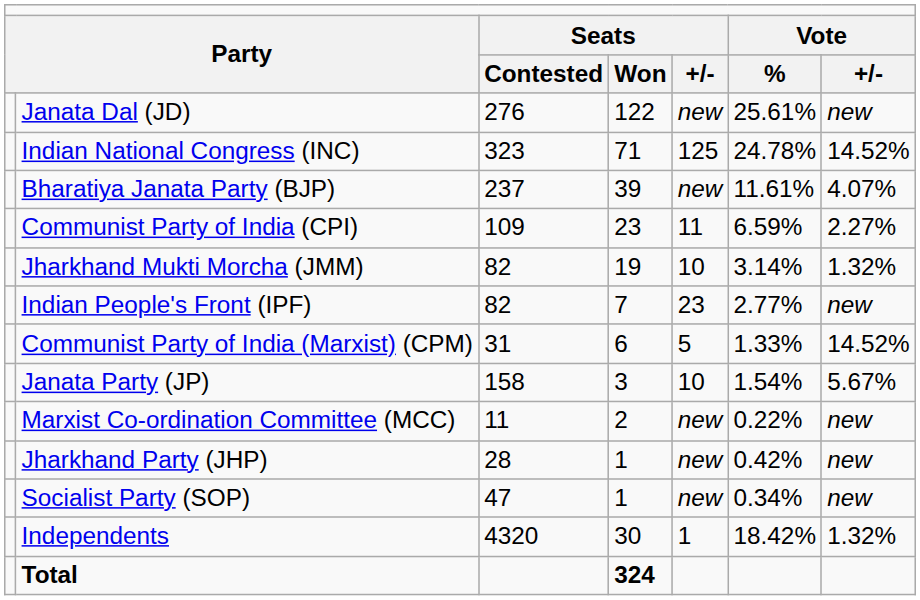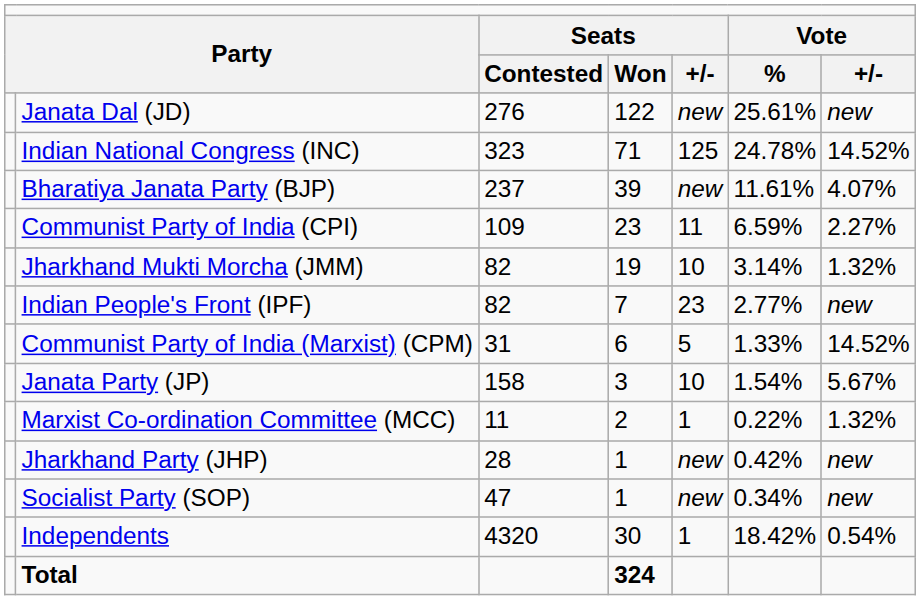 <table class="wikitable">
 <tr>
 <td colspan="7"></td>
 </tr>
 <tr>
 <th colspan="2" rowspan="2">Party</th>
 <th colspan="3">Seats</th>
 <th colspan="2">Vote</th>
 </tr>
 <tr>
 <th>Contested</th>
 <th>Won</th>
 <th>+/-</th>
 <th>%</th>
 <th>+/-</th>
 </tr>
 <tr>
 <td style="background-color:"></td>
 <td><a href='#'>Janata Dal</a> (JD)</td>
 <td>276</td>
 <td>122</td>
 <td><em>new</em></td>
 <td>25.61%</td>
 <td><em>new</em></td>
 </tr>
 <tr>
 <td style="background-color:"></td>
 <td align="left"><a href='#'>Indian National Congress</a> (INC)</td>
 <td>323</td>
 <td>71</td>
 <td>125</td>
 <td>24.78%</td>
 <td>14.52%</td>
 </tr>
 <tr>
 <td style="background-color:"></td>
 <td><a href='#'>Bharatiya Janata Party</a> (BJP)</td>
 <td>237</td>
 <td>39</td>
 <td><em>new</em></td>
 <td>11.61%</td>
 <td>4.07%</td>
 </tr>
 <tr>
 <td style="background-color:"></td>
 <td><a href='#'>Communist Party of India</a> (CPI)</td>
 <td>109</td>
 <td>23</td>
 <td>11</td>
 <td>6.59%</td>
 <td>2.27%</td>
 </tr>
 <tr>
 <td style="background-color:"></td>
 <td><a href='#'>Jharkhand Mukti Morcha</a> (JMM)</td>
 <td>82</td>
 <td>19</td>
 <td>10</td>
 <td>3.14%</td>
 <td>1.32%</td>
 </tr>
 <tr>
 <td style="background-color:"></td>
 <td><a href='#'>Indian People's Front</a> (IPF)</td>
 <td>82</td>
 <td>7</td>
 <td>23</td>
 <td>2.77%</td>
 <td><em>new</em></td>
 </tr>
 <tr>
 <td style="background-color:"></td>
 <td align="left"><a href='#'>Communist Party of India (Marxist)</a> (CPM)</td>
 <td>31</td>
 <td>6</td>
 <td>5</td>
 <td>1.33%</td>
 <td>14.52%</td>
 </tr>
 <tr>
 <td style="background-color:"></td>
 <td><a href='#'>Janata Party</a> (JP)</td>
 <td>158</td>
 <td>3</td>
 <td>10</td>
 <td>1.54%</td>
 <td>5.67%</td>
 </tr>
 <tr>
 <td style="background-color:"></td>
 <td><a href='#'>Marxist Co-ordination Committee</a> (MCC)</td>
 <td>11</td>
 <td>2</td>
-<td><em>new</em></td>
+<td>1</td>
 <td>0.22%</td>
-<td><em>new</em></td>
+<td>1.32%</td>
 </tr>
 <tr>
 <td style="background-color:"></td>
 <td><a href='#'>Jharkhand Party</a> (JHP)</td>
 <td>28</td>
 <td>1</td>
 <td><em>new</em></td>
 <td>0.42%</td>
 <td><em>new</em></td>
 </tr>
 <tr>
 <td style="background-color:"></td>
 <td><a href='#'>Socialist Party</a> (SOP)</td>
 <td>47</td>
 <td>1</td>
 <td><em>new</em></td>
 <td>0.34%</td>
 <td><em>new</em></td>
 </tr>
 <tr>
 <td style="background-color:"></td>
 <td align="left"><a href='#'>Independents</a></td>
 <td>4320</td>
 <td>30</td>
 <td>1</td>
 <td>18.42%</td>
-<td>1.32%</td>
+<td>0.54%</td>
 </tr>
 <tr class="sortbottom">
 <td></td>
 <td align="left"><strong>Total</strong></td>
 <td></td>
 <td><strong>324</strong></td>
 <td></td>
 <td></td>
 <td></td>
 </tr>
 </table>
